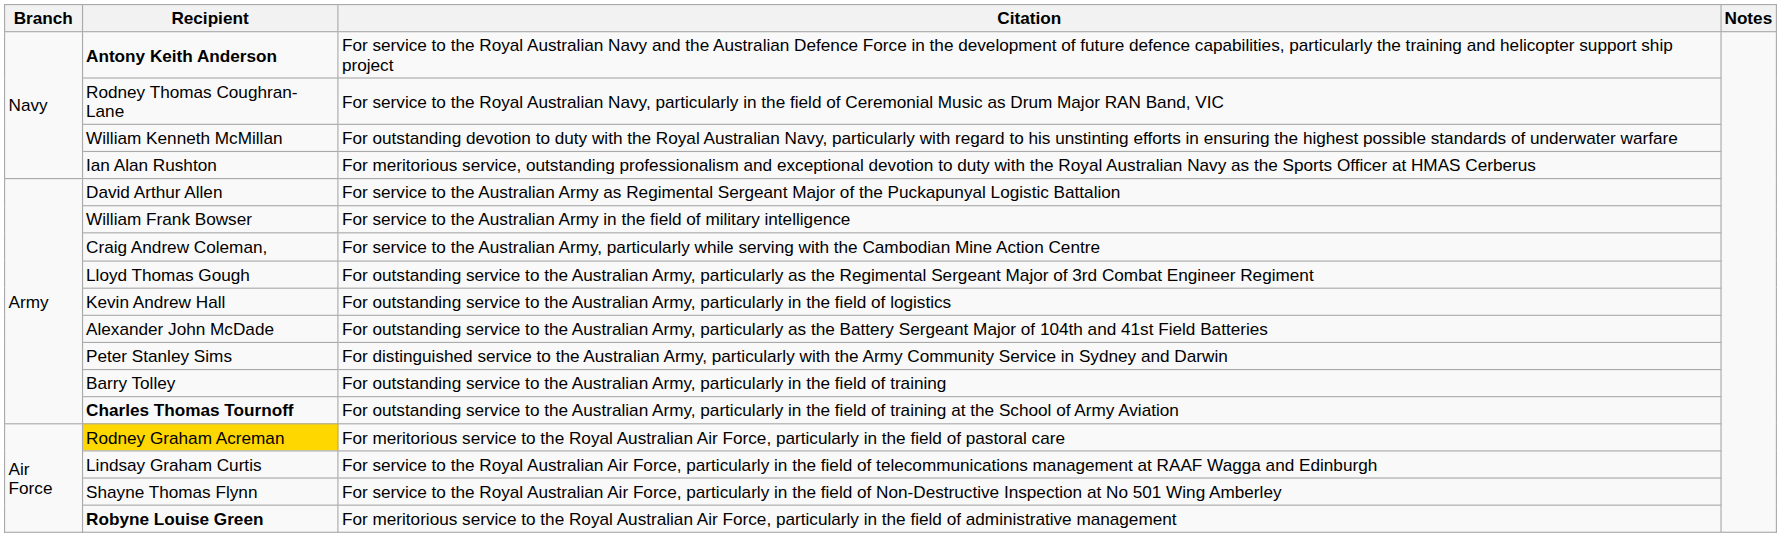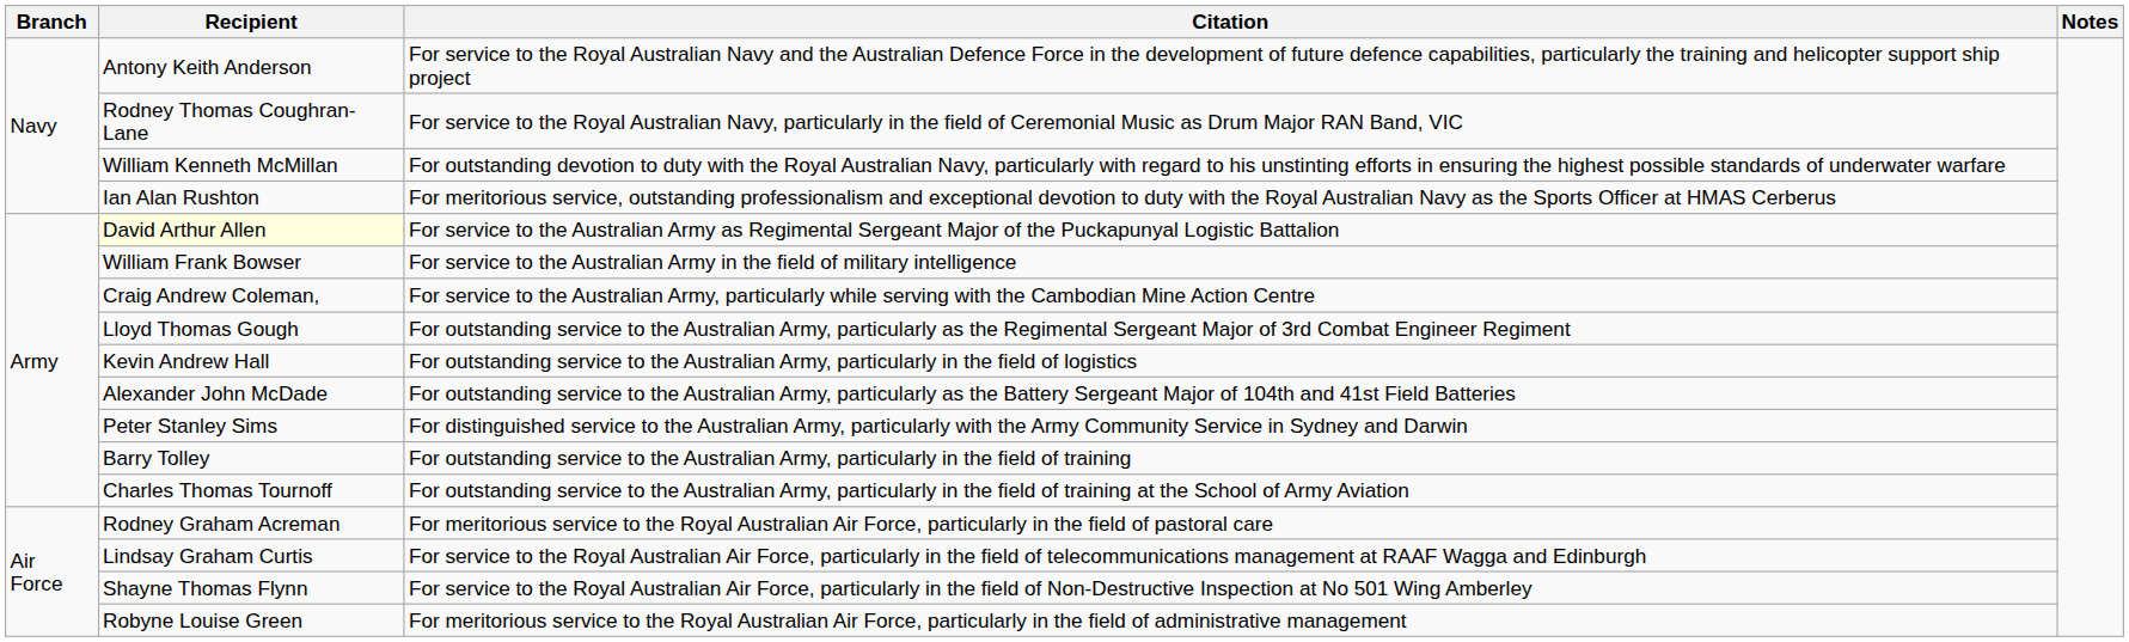 <table class="wikitable" style="font-size:95%;">
 <tr>
 <th>Branch</th>
 <th>Recipient</th>
 <th>Citation</th>
 <th>Notes</th>
 </tr>
 <tr>
 <td rowspan=4>Navy</td>
-<td><strong> Antony Keith Anderson</strong></td>
+<td> Antony Keith Anderson</td>
 <td>For service to the Royal Australian Navy and the Australian Defence Force in the development of future defence capabilities, particularly the training and helicopter support ship project</td>
 <td rowspan=17></td>
 </tr>
 <tr>
 <td> Rodney Thomas Coughran-Lane</td>
 <td>For service to the Royal Australian Navy, particularly in the field of Ceremonial Music as Drum Major RAN Band, VIC</td>
 </tr>
 <tr>
 <td> William Kenneth McMillan</td>
 <td>For outstanding devotion to duty with the Royal Australian Navy, particularly with regard to his unstinting efforts in ensuring the highest possible standards of underwater warfare</td>
 </tr>
 <tr>
 <td> Ian Alan Rushton</td>
 <td>For meritorious service, outstanding professionalism and exceptional devotion to duty with the Royal Australian Navy as the Sports Officer at HMAS Cerberus</td>
 </tr>
 <tr>
 <td rowspan=9>Army</td>
-<td> David Arthur Allen</td>
+<td style="background: lightyellow;"> David Arthur Allen</td>
 <td>For service to the Australian Army as Regimental Sergeant Major of the Puckapunyal Logistic Battalion</td>
 </tr>
 <tr>
 <td> William Frank Bowser</td>
 <td>For service to the Australian Army in the field of military intelligence</td>
 </tr>
 <tr>
 <td> Craig Andrew Coleman, </td>
 <td>For service to the Australian Army, particularly while serving with the Cambodian Mine Action Centre</td>
 </tr>
 <tr>
 <td> Lloyd Thomas Gough</td>
 <td>For outstanding service to the Australian Army, particularly as the Regimental Sergeant Major of 3rd Combat Engineer Regiment</td>
 </tr>
 <tr>
 <td> Kevin Andrew Hall</td>
 <td>For outstanding service to the Australian Army, particularly in the field of logistics</td>
 </tr>
 <tr>
 <td> Alexander John McDade</td>
 <td>For outstanding service to the Australian Army, particularly as the Battery Sergeant Major of 104th and 41st Field Batteries</td>
 </tr>
 <tr>
 <td> Peter Stanley Sims</td>
 <td>For distinguished service to the Australian Army, particularly with the Army Community Service in Sydney and Darwin</td>
 </tr>
 <tr>
 <td> Barry Tolley</td>
 <td>For outstanding service to the Australian Army, particularly in the field of training</td>
 </tr>
 <tr>
-<td><strong> Charles Thomas Tournoff</strong></td>
+<td> Charles Thomas Tournoff</td>
 <td>For outstanding service to the Australian Army, particularly in the field of training at the School of Army Aviation</td>
 </tr>
 <tr>
 <td rowspan=4>Air Force</td>
-<td style="background: gold;"> Rodney Graham Acreman</td>
+<td> Rodney Graham Acreman</td>
 <td>For meritorious service to the Royal Australian Air Force, particularly in the field of pastoral care</td>
 </tr>
 <tr>
 <td> Lindsay Graham Curtis</td>
 <td>For service to the Royal Australian Air Force, particularly in the field of telecommunications management at RAAF Wagga and Edinburgh</td>
 </tr>
 <tr>
 <td> Shayne Thomas Flynn</td>
 <td>For service to the Royal Australian Air Force, particularly in the field of Non-Destructive Inspection at No 501 Wing Amberley</td>
 </tr>
 <tr>
-<td><strong> Robyne Louise Green</strong></td>
+<td> Robyne Louise Green</td>
 <td>For meritorious service to the Royal Australian Air Force, particularly in the field of administrative management</td>
 </tr>
 </table>
